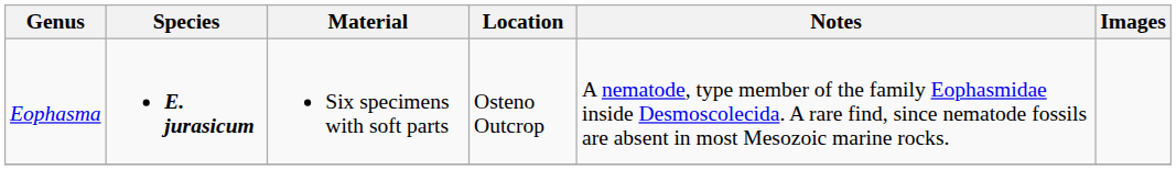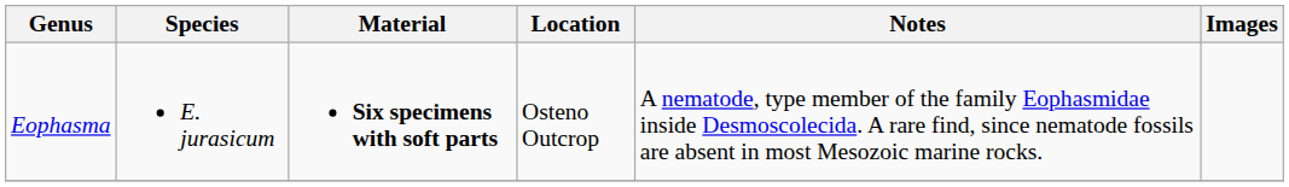 <table class="wikitable" align="center">
 <tr>
 <th>Genus</th>
 <th>Species</th>
 <th>Material</th>
 <th>Location</th>
 <th>Notes</th>
 <th>Images</th>
 </tr>
 <tr>
 <td><br><em><a href='#'>Eophasma</a></em></td>
-<td><strong><br><ul><li><em>E. jurasicum</em></li></ul></strong></td>
-<td><br><ul><li>Six specimens with soft parts</li></ul></td>
+<td><br><ul><li><em>E. jurasicum</em></li></ul></td>
+<td><strong><br><ul><li>Six specimens with soft parts</li></ul></strong></td>
 <td><br>Osteno Outcrop</td>
 <td><br>A <a href='#'>nematode</a>, type member of the family <a href='#'>Eophasmidae</a> inside <a href='#'>Desmoscolecida</a>. A rare find, since nematode fossils are absent in most Mesozoic marine rocks.</td>
 <td><br></td>
 </tr>
 <tr>
 </tr>
 </table>
